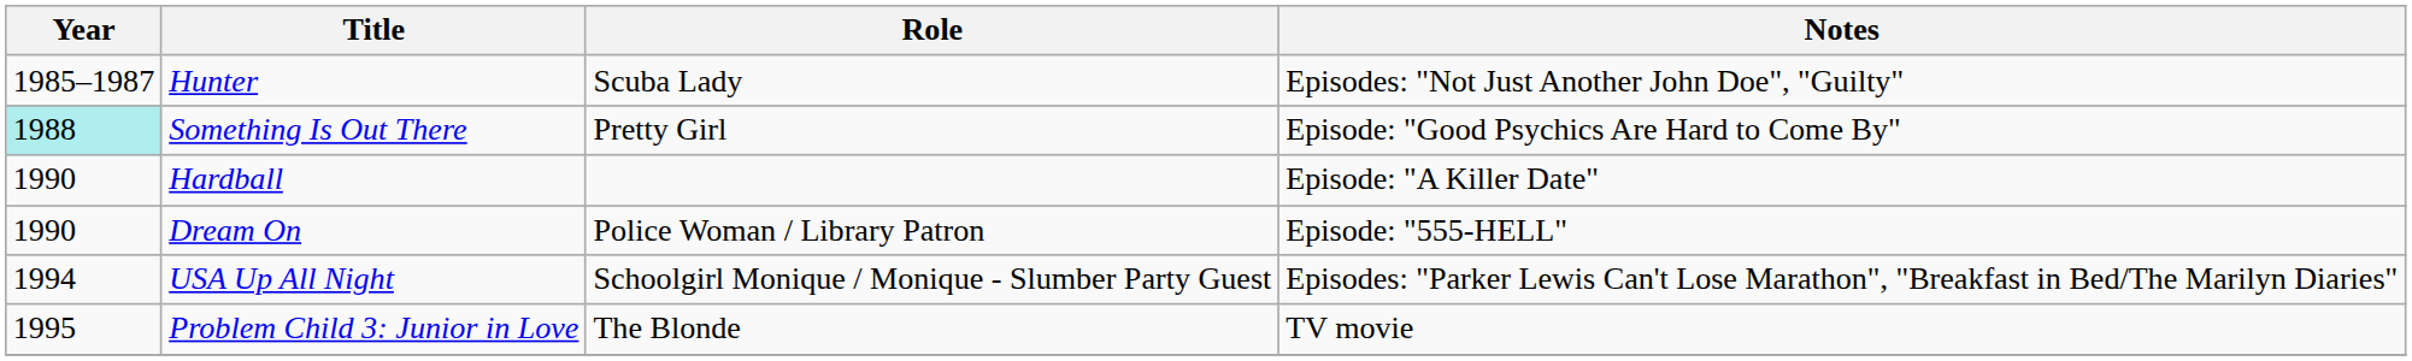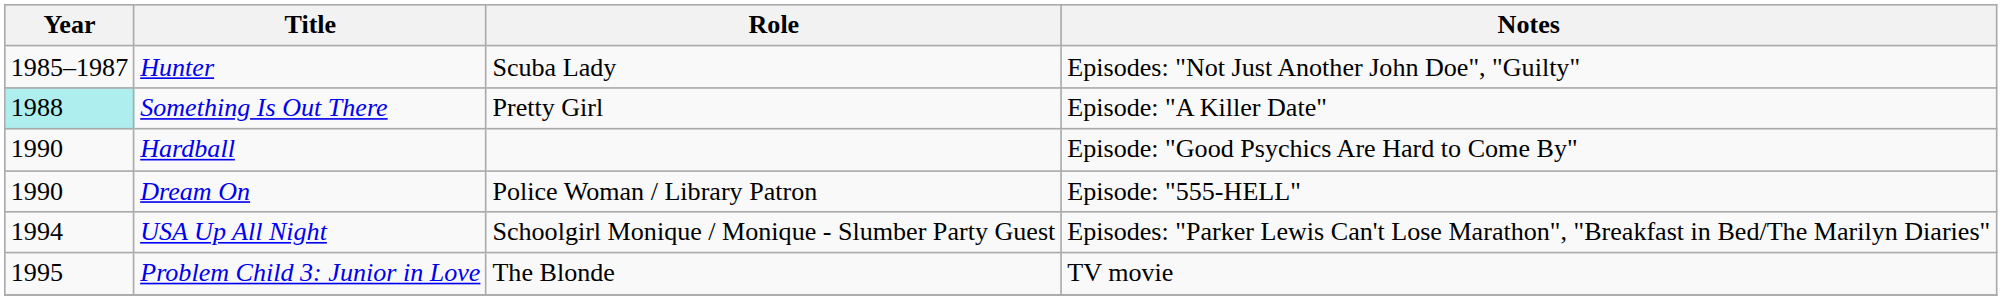 <table class="wikitable sortable">
 <tr>
 <th>Year</th>
 <th>Title</th>
 <th>Role</th>
 <th>Notes</th>
 </tr>
 <tr>
 <td>1985–1987</td>
 <td><em><a href='#'>Hunter</a></em></td>
 <td>Scuba Lady</td>
 <td>Episodes: "Not Just Another John Doe", "Guilty"</td>
 </tr>
 <tr>
 <td style="background: paleturquoise;">1988</td>
 <td><em><a href='#'>Something Is Out There</a></em></td>
 <td>Pretty Girl</td>
-<td>Episode: "Good Psychics Are Hard to Come By"</td>
+<td>Episode: "A Killer Date"</td>
 </tr>
 <tr>
 <td>1990</td>
 <td><em><a href='#'>Hardball</a></em></td>
 <td></td>
-<td>Episode: "A Killer Date"</td>
+<td>Episode: "Good Psychics Are Hard to Come By"</td>
 </tr>
 <tr>
 <td>1990</td>
 <td><em><a href='#'>Dream On</a></em></td>
 <td>Police Woman / Library Patron</td>
 <td>Episode: "555-HELL"</td>
 </tr>
 <tr>
 <td>1994</td>
 <td><em><a href='#'>USA Up All Night</a></em></td>
 <td>Schoolgirl Monique / Monique - Slumber Party Guest</td>
 <td>Episodes: "Parker Lewis Can't Lose Marathon", "Breakfast in Bed/The Marilyn Diaries"</td>
 </tr>
 <tr>
 <td>1995</td>
 <td><em><a href='#'>Problem Child 3: Junior in Love</a></em></td>
 <td>The Blonde</td>
 <td>TV movie</td>
 </tr>
 <tr>
 </tr>
 </table>
